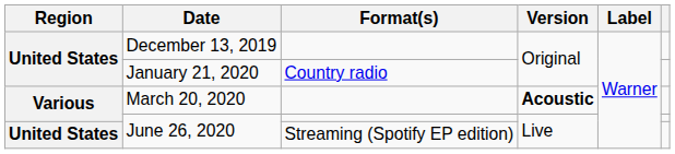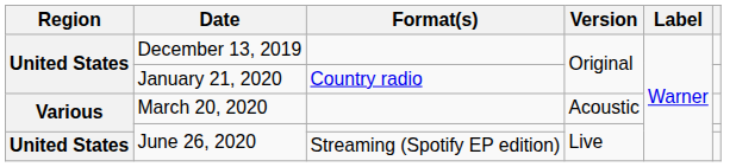 <table class="wikitable plainrowheaders">
 <tr>
 <th scope="col">Region</th>
 <th scope="col">Date</th>
 <th scope="col">Format(s)</th>
 <th scope="col">Version</th>
 <th scope="col">Label</th>
 <th scope="col"></th>
 </tr>
 <tr>
 <th scope="row" rowspan="2">United States</th>
 <td>December 13, 2019</td>
 <td></td>
 <td rowspan="2">Original</td>
 <td rowspan="5"><a href='#'>Warner</a></td>
 <td style="text-align:center;"></td>
 </tr>
 <tr>
 <td>January 21, 2020</td>
 <td><a href='#'>Country radio</a></td>
 <td style="text-align:center;"></td>
 </tr>
 <tr>
 <th scope="row" rowspan="2">Various</th>
 <td>March 20, 2020</td>
 <td></td>
-<td><strong>Acoustic</strong></td>
+<td>Acoustic</td>
 <td style="text-align:center;"></td>
 </tr>
 <tr>
 <td rowspan="2">June 26, 2020</td>
 <td></td>
 <td rowspan="2">Live</td>
 <td style="text-align:center;"></td>
 </tr>
 <tr>
 <th scope="row">United States</th>
 <td>Streaming (Spotify EP edition)</td>
 <td style="text-align:center;"></td>
 </tr>
 </table>
